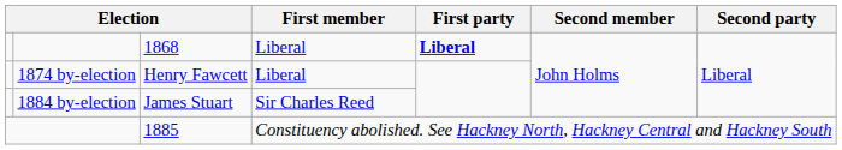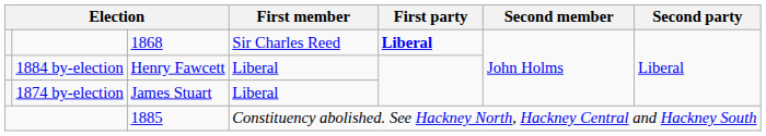 <table class="wikitable">
 <tr>
 <th colspan="3">Election</th>
 <th>First member </th>
 <th>First party</th>
 <th>Second member </th>
 <th>Second party</th>
 </tr>
 <tr>
 <td style="color:inherit;background-color: "></td>
 <td style="color:inherit;background-color: "></td>
 <td><a href='#'>1868</a></td>
-<td><a href='#'>Liberal</a></td>
+<td><a href='#'>Sir Charles Reed</a></td>
 <td><strong><a href='#'>Liberal</a></strong></td>
 <td rowspan="3"><a href='#'>John Holms</a></td>
 <td rowspan="3"><a href='#'>Liberal</a></td>
 </tr>
 <tr>
 <td style="color:inherit;background-color: "></td>
-<td><a href='#'>1874 by-election</a></td>
+<td><a href='#'>1884 by-election</a></td>
 <td><a href='#'>Henry Fawcett</a></td>
 <td><a href='#'>Liberal</a></td>
 </tr>
 <tr>
 <td style="color:inherit;background-color: "></td>
-<td><a href='#'>1884 by-election</a></td>
+<td><a href='#'>1874 by-election</a></td>
 <td><a href='#'>James Stuart</a></td>
-<td><a href='#'>Sir Charles Reed</a></td>
+<td><a href='#'>Liberal</a></td>
 </tr>
 <tr>
 <td colspan="2"></td>
 <td><a href='#'>1885</a></td>
 <td colspan="4"><em>Constituency abolished. See <a href='#'>Hackney North</a>, <a href='#'>Hackney Central</a> and <a href='#'>Hackney South</a></em></td>
 </tr>
 </table>
